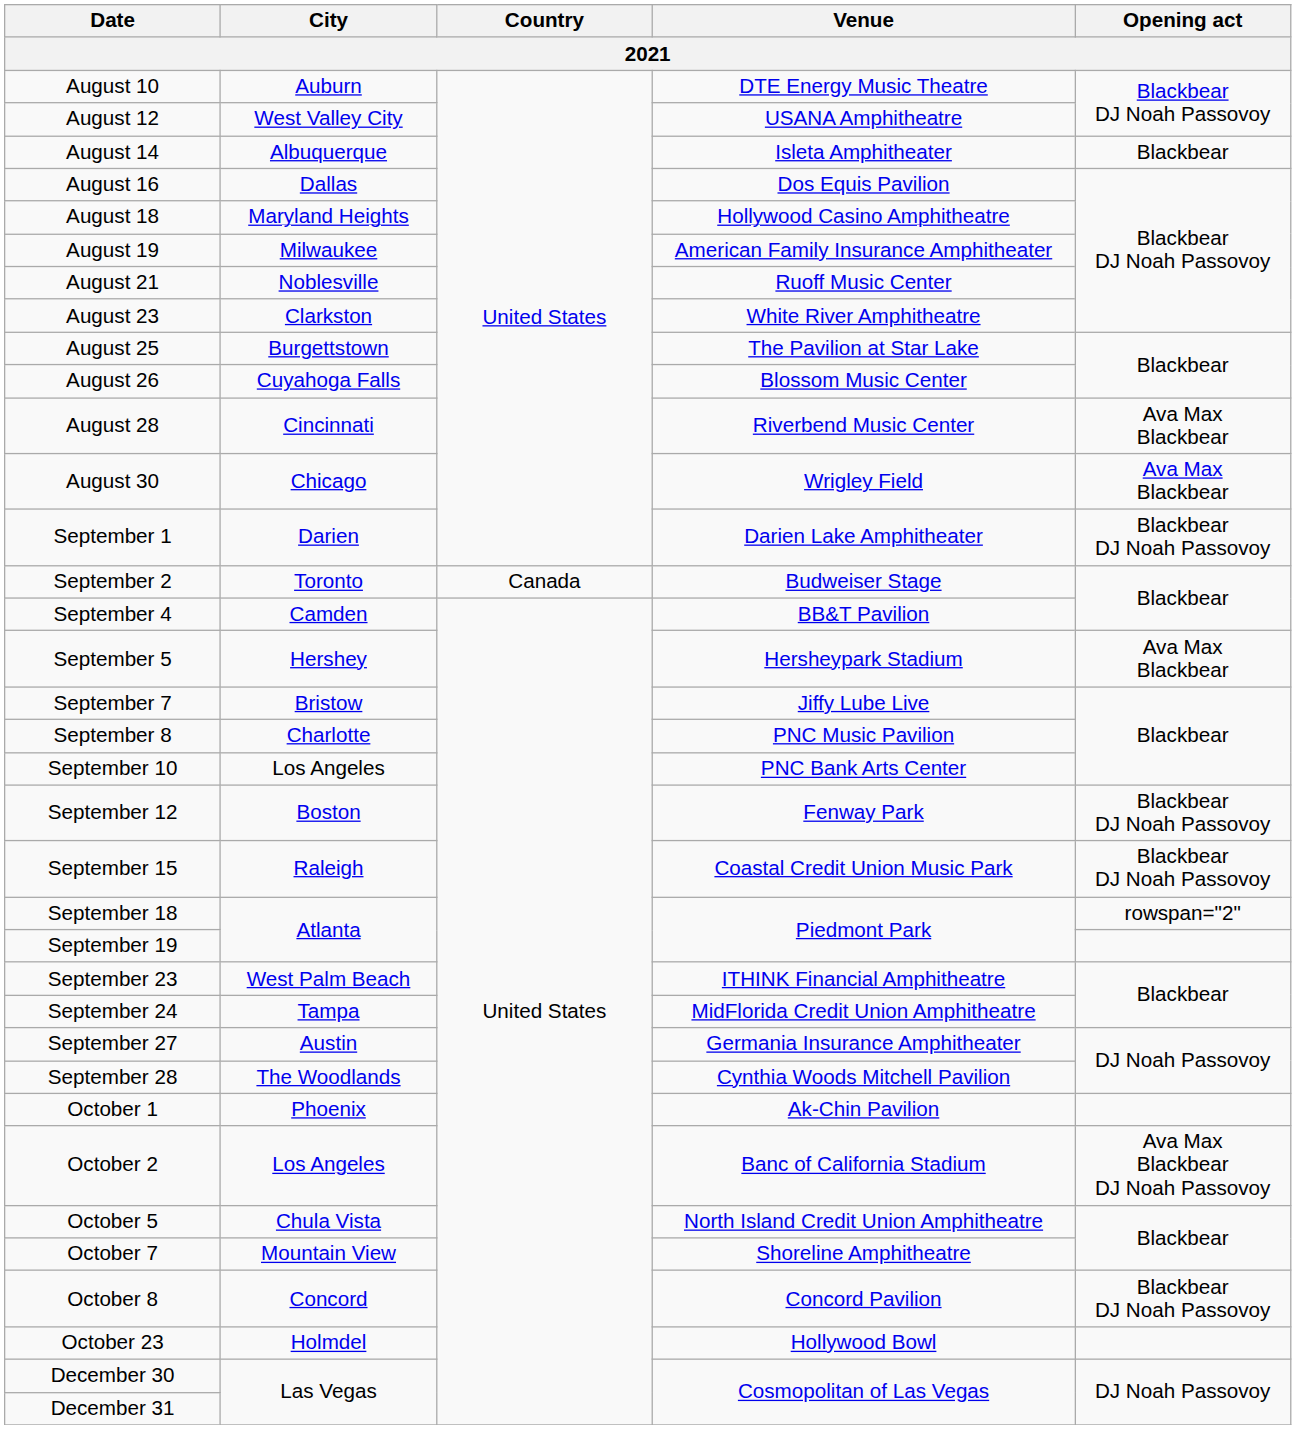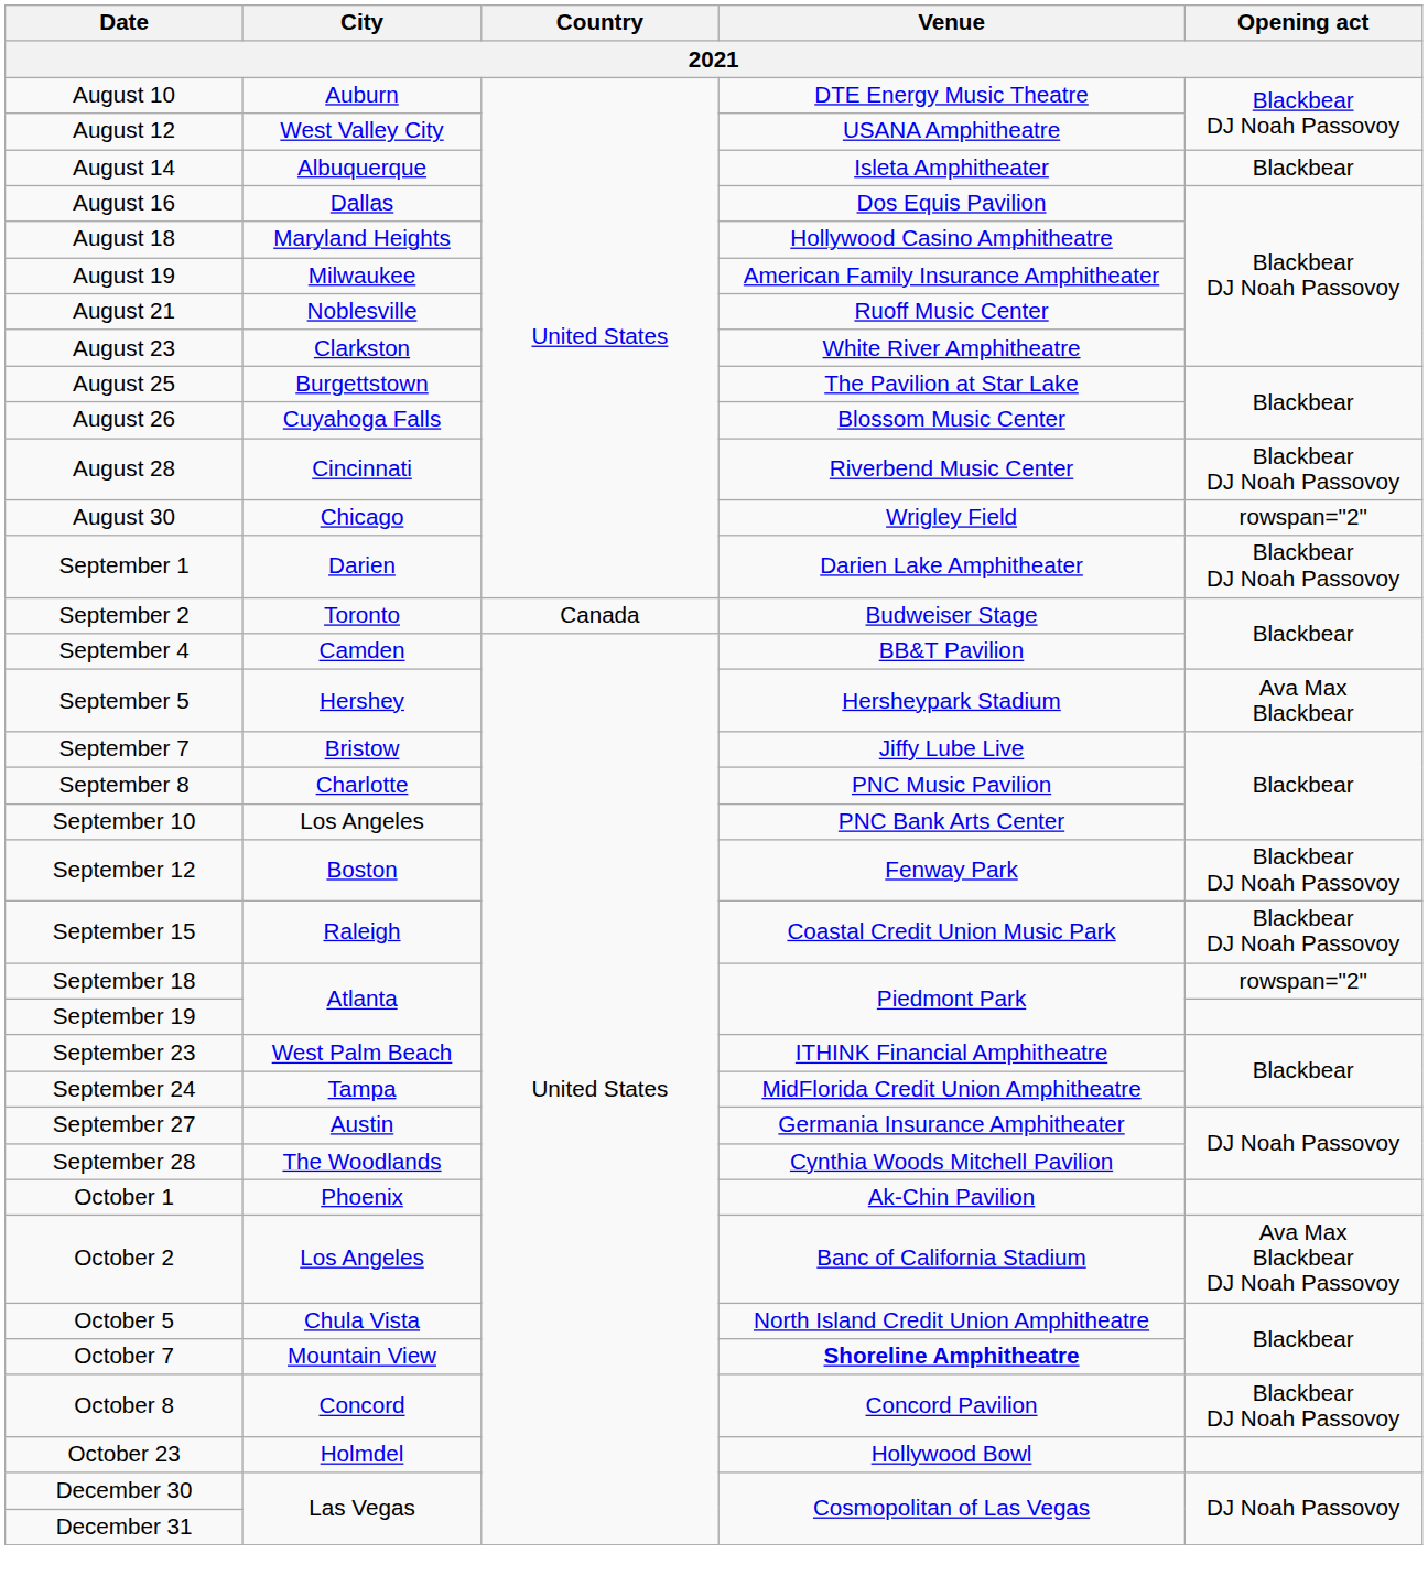 <table class="wikitable plainrowheaders" style="text-align:center;">
 <tr>
 <th scope="col" style="width:10em;">Date</th>
 <th scope="col" style="width:10em;">City</th>
 <th scope="col" style="width:10em;">Country</th>
 <th scope="col" style="width:20em;">Venue</th>
 <th scope="col" style="width:10em;">Opening act</th>
 </tr>
 <tr>
 <th colspan="5"><strong>2021</strong></th>
 </tr>
 <tr>
 <td>August 10</td>
 <td><a href='#'>Auburn</a></td>
 <td rowspan="13"><a href='#'>United States</a></td>
 <td><a href='#'>DTE Energy Music Theatre</a></td>
 <td rowspan="2"><a href='#'>Blackbear</a><br>DJ Noah Passovoy</td>
 </tr>
 <tr>
 <td>August 12</td>
 <td><a href='#'>West Valley City</a></td>
 <td><a href='#'>USANA Amphitheatre</a></td>
 </tr>
 <tr>
 <td>August 14</td>
 <td><a href='#'>Albuquerque</a></td>
 <td><a href='#'>Isleta Amphitheater</a></td>
 <td>Blackbear</td>
 </tr>
 <tr>
 <td>August 16</td>
 <td><a href='#'>Dallas</a></td>
 <td><a href='#'>Dos Equis Pavilion</a></td>
 <td rowspan="5">Blackbear<br>DJ Noah Passovoy</td>
 </tr>
 <tr>
 <td>August 18</td>
 <td><a href='#'>Maryland Heights</a></td>
 <td><a href='#'>Hollywood Casino Amphitheatre</a></td>
 </tr>
 <tr>
 <td>August 19</td>
 <td><a href='#'>Milwaukee</a></td>
 <td><a href='#'>American Family Insurance Amphitheater</a></td>
 </tr>
 <tr>
 <td>August 21</td>
 <td><a href='#'>Noblesville</a></td>
 <td><a href='#'>Ruoff Music Center</a></td>
 </tr>
 <tr>
 <td>August 23</td>
 <td><a href='#'>Clarkston</a></td>
 <td><a href='#'>White River Amphitheatre</a></td>
 </tr>
 <tr>
 <td>August 25</td>
 <td><a href='#'>Burgettstown</a></td>
 <td><a href='#'>The Pavilion at Star Lake</a></td>
 <td rowspan="2">Blackbear</td>
 </tr>
 <tr>
 <td>August 26</td>
 <td><a href='#'>Cuyahoga Falls</a></td>
 <td><a href='#'>Blossom Music Center</a></td>
 </tr>
 <tr>
 <td>August 28</td>
 <td><a href='#'>Cincinnati</a></td>
 <td><a href='#'>Riverbend Music Center</a></td>
-<td>Ava Max<br>Blackbear</td>
+<td>Blackbear<br>DJ Noah Passovoy</td>
 </tr>
 <tr>
 <td>August 30</td>
 <td><a href='#'>Chicago</a></td>
 <td><a href='#'>Wrigley Field</a></td>
-<td><a href='#'>Ava Max</a><br>Blackbear</td>
+<td>rowspan="2" </td>
 </tr>
 <tr>
 <td>September 1</td>
 <td><a href='#'>Darien</a></td>
 <td><a href='#'>Darien Lake Amphitheater</a></td>
 <td>Blackbear<br>DJ Noah Passovoy</td>
 </tr>
 <tr>
 <td>September 2</td>
 <td><a href='#'>Toronto</a></td>
 <td>Canada</td>
 <td><a href='#'>Budweiser Stage</a></td>
 <td rowspan="2">Blackbear</td>
 </tr>
 <tr>
 <td>September 4</td>
 <td><a href='#'>Camden</a></td>
 <td rowspan="21">United States</td>
 <td><a href='#'>BB&T Pavilion</a></td>
 </tr>
 <tr>
 <td>September 5</td>
 <td><a href='#'>Hershey</a></td>
 <td><a href='#'>Hersheypark Stadium</a></td>
 <td>Ava Max<br>Blackbear</td>
 </tr>
 <tr>
 <td>September 7</td>
 <td><a href='#'>Bristow</a></td>
 <td><a href='#'>Jiffy Lube Live</a></td>
 <td rowspan="3">Blackbear</td>
 </tr>
 <tr>
 <td>September 8</td>
 <td><a href='#'>Charlotte</a></td>
 <td><a href='#'>PNC Music Pavilion</a></td>
 </tr>
 <tr>
 <td>September 10</td>
 <td>Los Angeles</td>
 <td><a href='#'>PNC Bank Arts Center</a></td>
 </tr>
 <tr>
 <td>September 12</td>
 <td><a href='#'>Boston</a></td>
 <td><a href='#'>Fenway Park</a></td>
 <td>Blackbear<br>DJ Noah Passovoy</td>
 </tr>
 <tr>
 <td>September 15</td>
 <td><a href='#'>Raleigh</a></td>
 <td><a href='#'>Coastal Credit Union Music Park</a></td>
 <td>Blackbear<br>DJ Noah Passovoy</td>
 </tr>
 <tr>
 <td>September 18</td>
 <td rowspan="2"><a href='#'>Atlanta</a></td>
 <td rowspan="2"><a href='#'>Piedmont Park</a></td>
 <td>rowspan="2" </td>
 </tr>
 <tr>
 <td>September 19</td>
 </tr>
 <tr>
 <td>September 23</td>
 <td><a href='#'>West Palm Beach</a></td>
 <td><a href='#'>ITHINK Financial Amphitheatre</a></td>
 <td rowspan="2">Blackbear</td>
 </tr>
 <tr>
 <td>September 24</td>
 <td><a href='#'>Tampa</a></td>
 <td><a href='#'>MidFlorida Credit Union Amphitheatre</a></td>
 </tr>
 <tr>
 <td>September 27</td>
 <td><a href='#'>Austin</a></td>
 <td><a href='#'>Germania Insurance Amphitheater</a></td>
 <td rowspan="2">DJ Noah Passovoy</td>
 </tr>
 <tr>
 <td>September 28</td>
 <td><a href='#'>The Woodlands</a></td>
 <td><a href='#'>Cynthia Woods Mitchell Pavilion</a></td>
 </tr>
 <tr>
 <td>October 1</td>
 <td><a href='#'>Phoenix</a></td>
 <td><a href='#'>Ak-Chin Pavilion</a></td>
 <td></td>
 </tr>
 <tr>
 <td>October 2</td>
 <td><a href='#'>Los Angeles</a></td>
 <td><a href='#'>Banc of California Stadium</a></td>
 <td>Ava Max<br>Blackbear<br>DJ Noah Passovoy</td>
 </tr>
 <tr>
 <td>October 5</td>
 <td><a href='#'>Chula Vista</a></td>
 <td><a href='#'>North Island Credit Union Amphitheatre</a></td>
 <td rowspan="2">Blackbear</td>
 </tr>
 <tr>
 <td>October 7</td>
 <td><a href='#'>Mountain View</a></td>
-<td><a href='#'>Shoreline Amphitheatre</a></td>
+<td><strong><a href='#'>Shoreline Amphitheatre</a></strong></td>
 </tr>
 <tr>
 <td>October 8</td>
 <td><a href='#'>Concord</a></td>
 <td><a href='#'>Concord Pavilion</a></td>
 <td>Blackbear<br>DJ Noah Passovoy</td>
 </tr>
 <tr>
 <td>October 23</td>
 <td><a href='#'>Holmdel</a></td>
 <td><a href='#'>Hollywood Bowl</a></td>
 <td></td>
 </tr>
 <tr>
 <td>December 30</td>
 <td rowspan="2">Las Vegas</td>
 <td rowspan="2"><a href='#'>Cosmopolitan of Las Vegas</a></td>
 <td rowspan="2">DJ Noah Passovoy</td>
 </tr>
 <tr>
 <td>December 31</td>
 </tr>
 </table>
